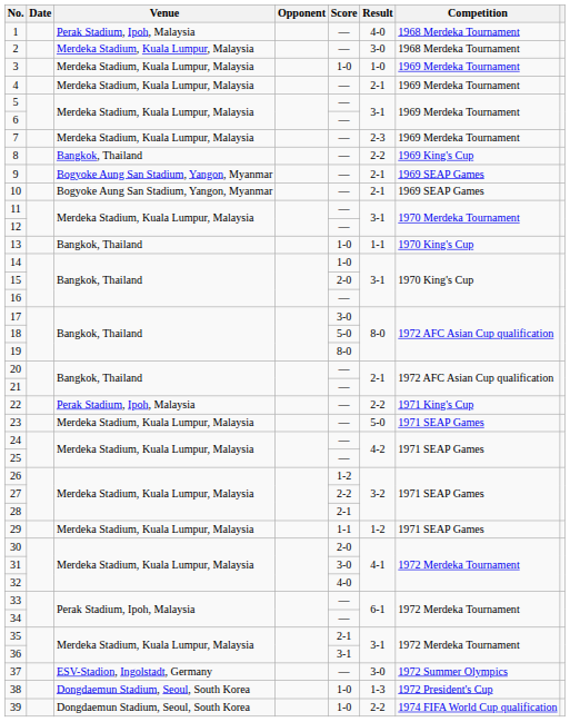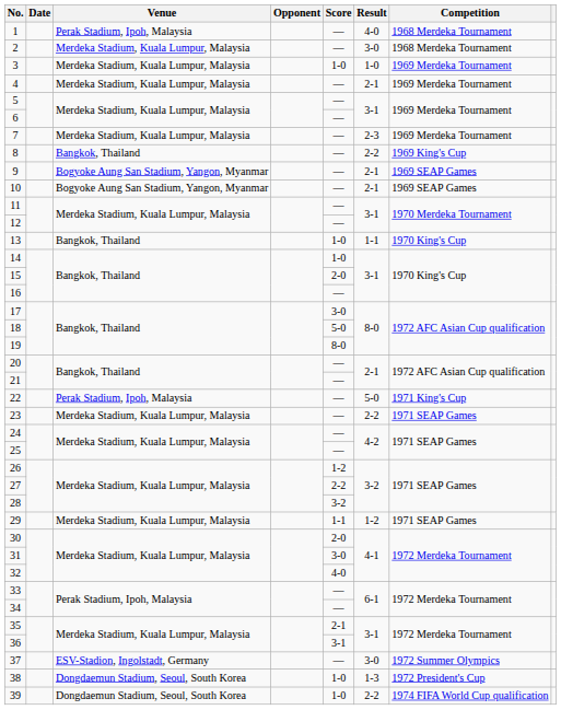 <table class="wikitable sortable">
 <tr>
 <th scope="col">No.</th>
 <th scope="col">Date</th>
 <th scope="col">Venue</th>
 <th scope="col">Opponent</th>
 <th scope="col">Score</th>
 <th scope="col">Result</th>
 <th scope="col">Competition</th>
 <th scope="col" class="unsortable"></th>
 </tr>
 <tr>
 <td style="text-align:center">1</td>
 <td></td>
 <td><a href='#'>Perak Stadium</a>, <a href='#'>Ipoh</a>, Malaysia</td>
 <td></td>
 <td style="text-align:center">—</td>
 <td style="text-align:center">4-0</td>
 <td><a href='#'>1968 Merdeka Tournament</a></td>
 <td></td>
 </tr>
 <tr>
 <td style="text-align:center">2</td>
 <td></td>
 <td><a href='#'>Merdeka Stadium</a>, <a href='#'>Kuala Lumpur</a>, Malaysia</td>
 <td></td>
 <td style="text-align:center">—</td>
 <td style="text-align:center">3-0</td>
 <td>1968 Merdeka Tournament</td>
 <td></td>
 </tr>
 <tr>
 <td style="text-align:center">3</td>
 <td></td>
 <td>Merdeka Stadium, Kuala Lumpur, Malaysia</td>
 <td></td>
 <td style="text-align:center">1-0</td>
 <td style="text-align:center">1-0</td>
 <td><a href='#'>1969 Merdeka Tournament</a></td>
 <td></td>
 </tr>
 <tr>
 <td style="text-align:center">4</td>
 <td></td>
 <td>Merdeka Stadium, Kuala Lumpur, Malaysia</td>
 <td></td>
 <td style="text-align:center">—</td>
 <td style="text-align:center">2-1</td>
 <td>1969 Merdeka Tournament</td>
 <td></td>
 </tr>
 <tr>
 <td style="text-align:center">5</td>
 <td rowspan="2"></td>
 <td rowspan="2">Merdeka Stadium, Kuala Lumpur, Malaysia</td>
 <td rowspan="2"></td>
 <td style="text-align:center">—</td>
 <td rowspan="2" style="text-align:center">3-1</td>
 <td rowspan="2">1969 Merdeka Tournament</td>
 <td rowspan="2"></td>
 </tr>
 <tr>
 <td style="text-align:center">6</td>
 <td style="text-align:center">—</td>
 </tr>
 <tr>
 <td style="text-align:center">7</td>
 <td></td>
 <td>Merdeka Stadium, Kuala Lumpur, Malaysia</td>
 <td></td>
 <td style="text-align:center">—</td>
 <td style="text-align:center">2-3</td>
 <td>1969 Merdeka Tournament</td>
 <td></td>
 </tr>
 <tr>
 <td style="text-align:center">8</td>
 <td></td>
 <td><a href='#'>Bangkok</a>, Thailand</td>
 <td></td>
 <td style="text-align:center">—</td>
 <td style="text-align:center">2-2</td>
 <td><a href='#'>1969 King's Cup</a></td>
 <td></td>
 </tr>
 <tr>
 <td style="text-align:center">9</td>
 <td></td>
 <td><a href='#'>Bogyoke Aung San Stadium</a>, <a href='#'>Yangon</a>, Myanmar</td>
 <td></td>
 <td style="text-align:center">—</td>
 <td style="text-align:center">2-1</td>
 <td><a href='#'>1969 SEAP Games</a></td>
 <td></td>
 </tr>
 <tr>
 <td style="text-align:center">10</td>
 <td></td>
 <td>Bogyoke Aung San Stadium, Yangon, Myanmar</td>
 <td></td>
 <td style="text-align:center">—</td>
 <td style="text-align:center">2-1</td>
 <td>1969 SEAP Games</td>
 <td></td>
 </tr>
 <tr>
 <td style="text-align:center">11</td>
 <td rowspan="2"></td>
 <td rowspan="2">Merdeka Stadium, Kuala Lumpur, Malaysia</td>
 <td rowspan="2"></td>
 <td style="text-align:center">—</td>
 <td rowspan="2" style="text-align:center">3-1</td>
 <td rowspan="2"><a href='#'>1970 Merdeka Tournament</a></td>
 <td rowspan="2"></td>
 </tr>
 <tr>
 <td style="text-align:center">12</td>
 <td style="text-align:center">—</td>
 </tr>
 <tr>
 <td style="text-align:center">13</td>
 <td></td>
 <td>Bangkok, Thailand</td>
 <td></td>
 <td style="text-align:center">1-0</td>
 <td style="text-align:center">1-1</td>
 <td><a href='#'>1970 King's Cup</a></td>
 <td></td>
 </tr>
 <tr>
 <td style="text-align:center">14</td>
 <td rowspan="3"></td>
 <td rowspan="3">Bangkok, Thailand</td>
 <td rowspan="3"></td>
 <td style="text-align:center">1-0</td>
 <td rowspan="3" style="text-align:center">3-1</td>
 <td rowspan="3">1970 King's Cup</td>
 <td rowspan="3"></td>
 </tr>
 <tr>
 <td style="text-align:center">15</td>
 <td style="text-align:center">2-0</td>
 </tr>
 <tr>
 <td style="text-align:center">16</td>
 <td style="text-align:center">—</td>
 </tr>
 <tr>
 <td style="text-align:center">17</td>
 <td rowspan="3"></td>
 <td rowspan="3">Bangkok, Thailand</td>
 <td rowspan="3"></td>
 <td style="text-align:center">3-0</td>
 <td rowspan="3" style="text-align:center">8-0</td>
 <td rowspan="3"><a href='#'>1972 AFC Asian Cup qualification</a></td>
 <td rowspan="3"></td>
 </tr>
 <tr>
 <td style="text-align:center">18</td>
 <td style="text-align:center">5-0</td>
 </tr>
 <tr>
 <td style="text-align:center">19</td>
 <td style="text-align:center">8-0</td>
 </tr>
 <tr>
 <td style="text-align:center">20</td>
 <td rowspan="2"></td>
 <td rowspan="2">Bangkok, Thailand</td>
 <td rowspan="2"></td>
 <td style="text-align:center">—</td>
 <td rowspan="2" style="text-align:center">2-1</td>
 <td rowspan="2">1972 AFC Asian Cup qualification</td>
 <td rowspan="2"></td>
 </tr>
 <tr>
 <td style="text-align:center">21</td>
 <td style="text-align:center">—</td>
 </tr>
 <tr>
 <td style="text-align:center">22</td>
 <td></td>
 <td><a href='#'>Perak Stadium</a>, <a href='#'>Ipoh</a>, Malaysia</td>
 <td></td>
 <td style="text-align:center">—</td>
-<td style="text-align:center">2-2</td>
+<td style="text-align:center">5-0</td>
 <td><a href='#'>1971 King's Cup</a></td>
 <td></td>
 </tr>
 <tr>
 <td style="text-align:center">23</td>
 <td></td>
 <td>Merdeka Stadium, Kuala Lumpur, Malaysia</td>
 <td></td>
 <td style="text-align:center">—</td>
-<td style="text-align:center">5-0</td>
+<td style="text-align:center">2-2</td>
 <td><a href='#'>1971 SEAP Games</a></td>
 <td></td>
 </tr>
 <tr>
 <td style="text-align:center">24</td>
 <td rowspan="2"></td>
 <td rowspan="2">Merdeka Stadium, Kuala Lumpur, Malaysia</td>
 <td rowspan="2"></td>
 <td style="text-align:center">—</td>
 <td rowspan="2" style="text-align:center">4-2</td>
 <td rowspan="2">1971 SEAP Games</td>
 <td rowspan="2"></td>
 </tr>
 <tr>
 <td style="text-align:center">25</td>
 <td style="text-align:center">—</td>
 </tr>
 <tr>
 <td style="text-align:center">26</td>
 <td rowspan="3"></td>
 <td rowspan="3">Merdeka Stadium, Kuala Lumpur, Malaysia</td>
 <td rowspan="3"></td>
 <td style="text-align:center">1-2</td>
 <td rowspan="3" style="text-align:center">3-2</td>
 <td rowspan="3">1971 SEAP Games</td>
 <td rowspan="3"></td>
 </tr>
 <tr>
 <td style="text-align:center">27</td>
 <td style="text-align:center">2-2</td>
 </tr>
 <tr>
 <td style="text-align:center">28</td>
-<td style="text-align:center">2-1</td>
+<td style="text-align:center">3-2</td>
 </tr>
 <tr>
 <td style="text-align:center">29</td>
 <td></td>
 <td>Merdeka Stadium, Kuala Lumpur, Malaysia</td>
 <td></td>
 <td style="text-align:center">1-1</td>
 <td style="text-align:center">1-2</td>
 <td>1971 SEAP Games</td>
 <td></td>
 </tr>
 <tr>
 <td style="text-align:center">30</td>
 <td rowspan="3"></td>
 <td rowspan="3">Merdeka Stadium, Kuala Lumpur, Malaysia</td>
 <td rowspan="3"></td>
 <td style="text-align:center">2-0</td>
 <td rowspan="3" style="text-align:center">4-1</td>
 <td rowspan="3"><a href='#'>1972 Merdeka Tournament</a></td>
 <td rowspan="3"></td>
 </tr>
 <tr>
 <td style="text-align:center">31</td>
 <td style="text-align:center">3-0</td>
 </tr>
 <tr>
 <td style="text-align:center">32</td>
 <td style="text-align:center">4-0</td>
 </tr>
 <tr>
 <td style="text-align:center">33</td>
 <td rowspan="2"></td>
 <td rowspan="2">Perak Stadium, Ipoh, Malaysia</td>
 <td rowspan="2"></td>
 <td style="text-align:center">—</td>
 <td rowspan="2" style="text-align:center">6-1</td>
 <td rowspan="2">1972 Merdeka Tournament</td>
 <td rowspan="2"></td>
 </tr>
 <tr>
 <td style="text-align:center">34</td>
 <td style="text-align:center">—</td>
 </tr>
 <tr>
 <td style="text-align:center">35</td>
 <td rowspan="2"></td>
 <td rowspan="2">Merdeka Stadium, Kuala Lumpur, Malaysia</td>
 <td rowspan="2"></td>
 <td style="text-align:center">2-1</td>
 <td rowspan="2" style="text-align:center">3-1</td>
 <td rowspan="2">1972 Merdeka Tournament</td>
 <td rowspan="2"></td>
 </tr>
 <tr>
 <td style="text-align:center">36</td>
 <td style="text-align:center">3-1</td>
 </tr>
 <tr>
 <td style="text-align:center">37</td>
 <td></td>
 <td><a href='#'>ESV-Stadion</a>, <a href='#'>Ingolstadt</a>, Germany</td>
 <td></td>
 <td style="text-align:center">—</td>
 <td style="text-align:center">3-0</td>
 <td><a href='#'>1972 Summer Olympics</a></td>
 <td></td>
 </tr>
 <tr>
 <td style="text-align:center">38</td>
 <td></td>
 <td><a href='#'>Dongdaemun Stadium</a>, <a href='#'>Seoul</a>, South Korea</td>
 <td></td>
 <td style="text-align:center">1-0</td>
 <td style="text-align:center">1-3</td>
 <td><a href='#'>1972 President's Cup</a></td>
 <td></td>
 </tr>
 <tr>
 <td style="text-align:center">39</td>
 <td></td>
 <td>Dongdaemun Stadium, Seoul, South Korea</td>
 <td></td>
 <td style="text-align:center">1-0</td>
 <td style="text-align:center">2-2</td>
 <td><a href='#'>1974 FIFA World Cup qualification</a></td>
 <td></td>
 </tr>
 </table>
